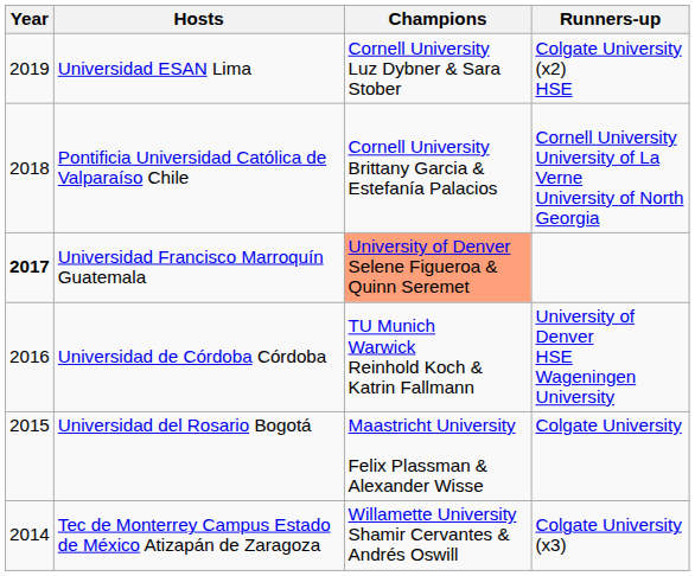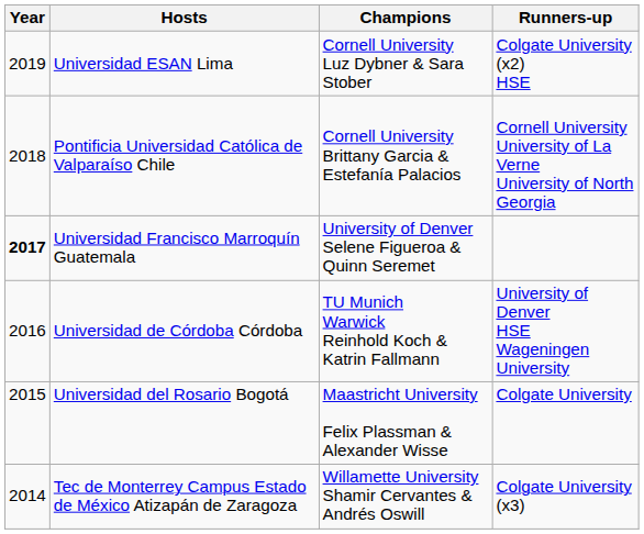 <table class="wikitable collapsible">
 <tr>
 <th>Year</th>
 <th>Hosts</th>
 <th>Champions</th>
 <th>Runners-up</th>
 </tr>
 <tr>
 <td>2019</td>
 <td> <a href='#'>Universidad ESAN</a> Lima</td>
 <td> <a href='#'>Cornell University</a><br>Luz Dybner & Sara Stober</td>
 <td> <a href='#'>Colgate University</a> (x2)<br> <a href='#'>HSE</a></td>
 </tr>
 <tr>
 <td>2018</td>
 <td> <a href='#'>Pontificia Universidad Católica de Valparaíso</a> Chile</td>
 <td> <a href='#'>Cornell University</a><br>Brittany Garcia & Estefanía Palacios</td>
 <td><br><a href='#'>Cornell University</a><br><a href='#'>University of La Verne</a><br><a href='#'>University of North Georgia</a></td>
 </tr>
 <tr>
 <td><strong>2017</strong></td>
 <td> <a href='#'>Universidad Francisco Marroquín</a> Guatemala</td>
-<td style="background: lightsalmon;"> <a href='#'>University of Denver</a><br>Selene Figueroa & Quinn Seremet</td>
+<td> <a href='#'>University of Denver</a><br>Selene Figueroa & Quinn Seremet</td>
 </tr>
 <tr>
 <td>2016</td>
 <td> <a href='#'>Universidad de Córdoba</a> Córdoba</td>
 <td> <a href='#'>TU Munich</a><br> <a href='#'>Warwick</a><br>Reinhold Koch &<br> Katrin Fallmann</td>
 <td> <a href='#'>University of Denver</a><br> <a href='#'>HSE</a><br> <a href='#'>Wageningen University</a></td>
 </tr>
 <tr valign="Top">
 <td>2015</td>
 <td> <a href='#'>Universidad del Rosario</a> Bogotá</td>
 <td> <a href='#'>Maastricht University</a><br><br>Felix Plassman & Alexander Wisse</td>
 <td> <a href='#'>Colgate University</a></td>
 </tr>
 <tr>
 <td>2014</td>
 <td> <a href='#'>Tec de Monterrey Campus Estado de México</a> Atizapán de Zaragoza</td>
 <td> <a href='#'>Willamette University</a><br> Shamir Cervantes &  Andrés Oswill</td>
 <td> <a href='#'>Colgate University</a> (x3)</td>
 </tr>
 </table>
